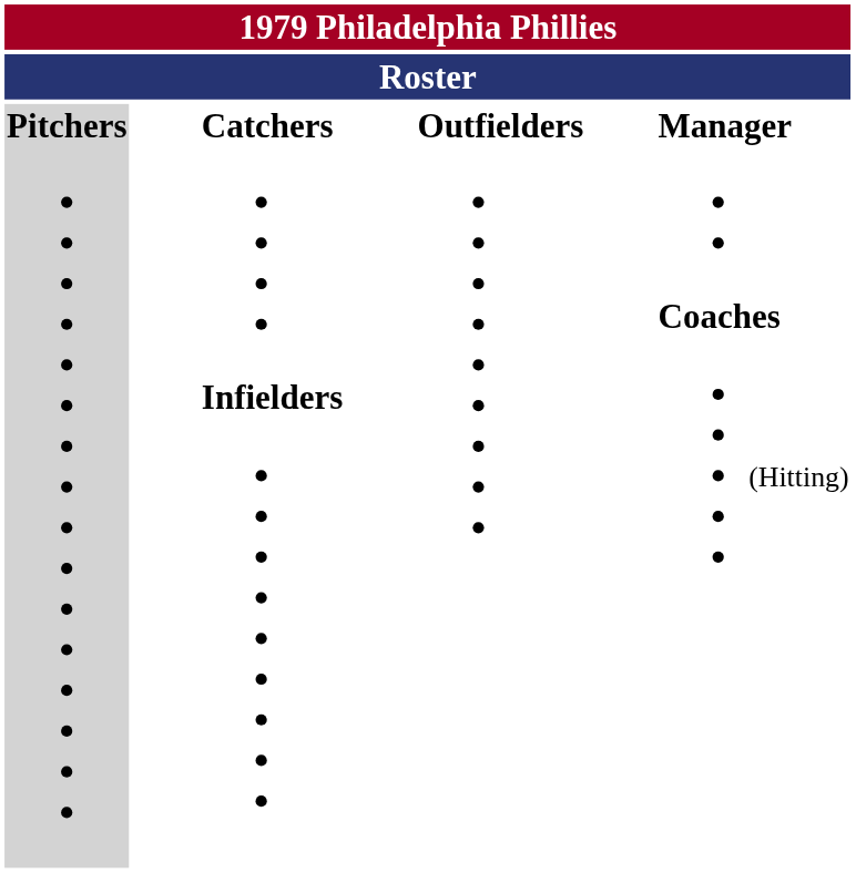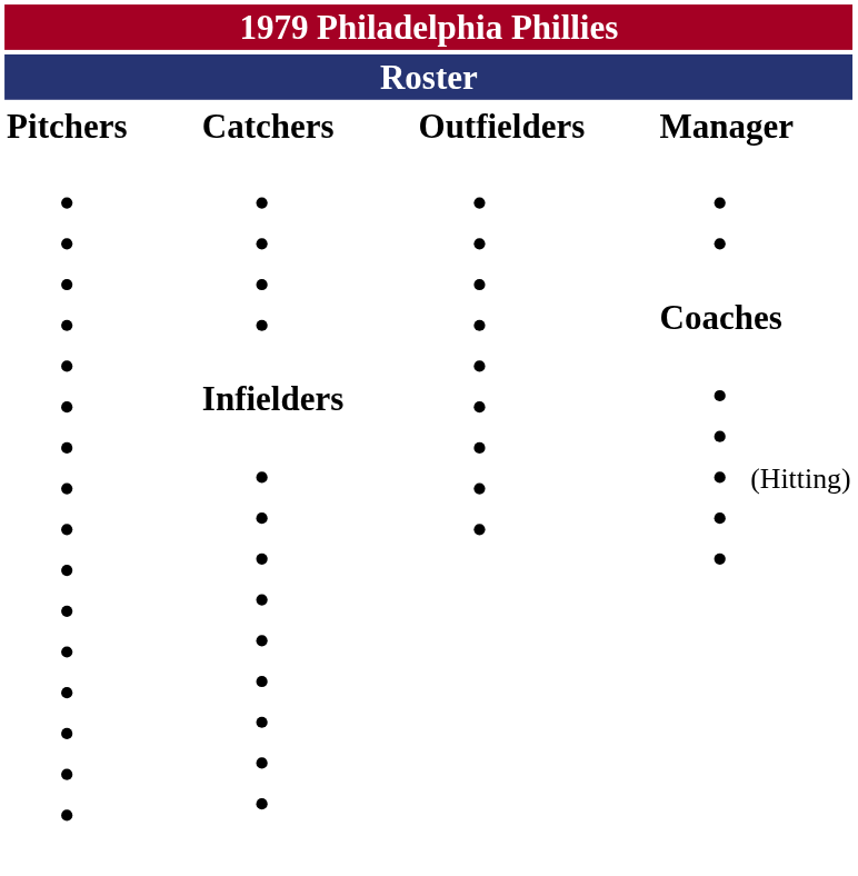 <table class="toccolours" style="font-size: 95%;">
 <tr>
 <th colspan="10" style="background-color: #A50024; color: white; text-align: center;">1979 Philadelphia Phillies</th>
 </tr>
 <tr>
 <td colspan="10" style="background-color: #263473; color: white; text-align: center;"><strong>Roster</strong></td>
 </tr>
 <tr>
-<td valign="top" style="background: lightgrey;"><strong>Pitchers</strong><br><ul><li></li><li></li><li></li><li></li><li></li><li></li><li></li><li></li><li></li><li></li><li></li><li></li><li></li><li></li><li></li><li></li></ul></td>
+<td valign="top"><strong>Pitchers</strong><br><ul><li></li><li></li><li></li><li></li><li></li><li></li><li></li><li></li><li></li><li></li><li></li><li></li><li></li><li></li><li></li><li></li></ul></td>
 <td width="25px"></td>
 <td valign="top"><strong>Catchers</strong><br><ul><li></li><li></li><li></li><li></li></ul><strong>Infielders</strong><ul><li></li><li></li><li></li><li></li><li></li><li></li><li></li><li></li><li></li></ul></td>
 <td width="25px"></td>
 <td valign="top"><strong>Outfielders</strong><br><ul><li></li><li></li><li></li><li></li><li></li><li></li><li></li><li></li><li></li></ul></td>
 <td width="25px"></td>
 <td valign="top"><strong>Manager</strong><br><ul><li></li><li></li></ul><strong>Coaches</strong><ul><li></li><li></li><li> <small>(Hitting)</small></li><li></li><li></li></ul></td>
 </tr>
 <tr>
 </tr>
 </table>
